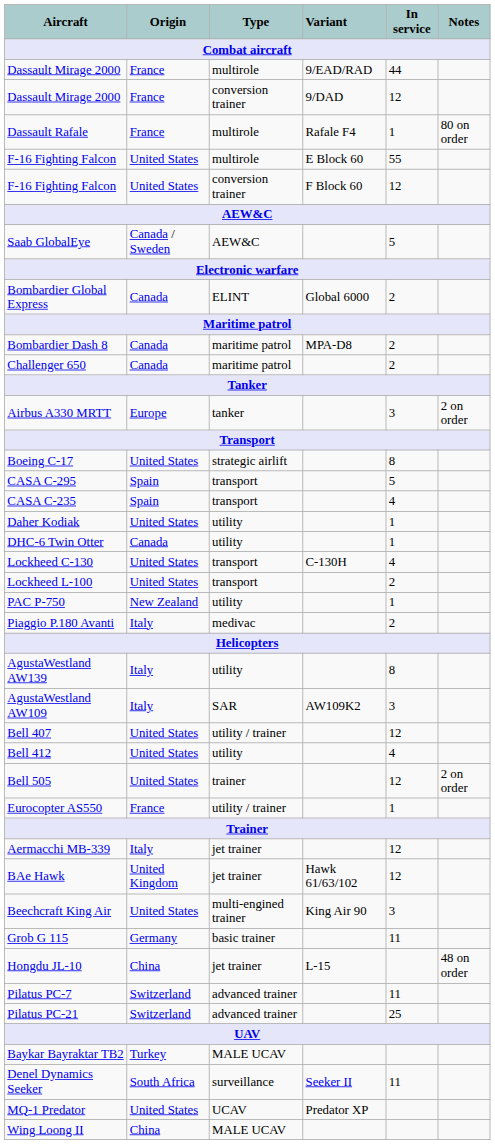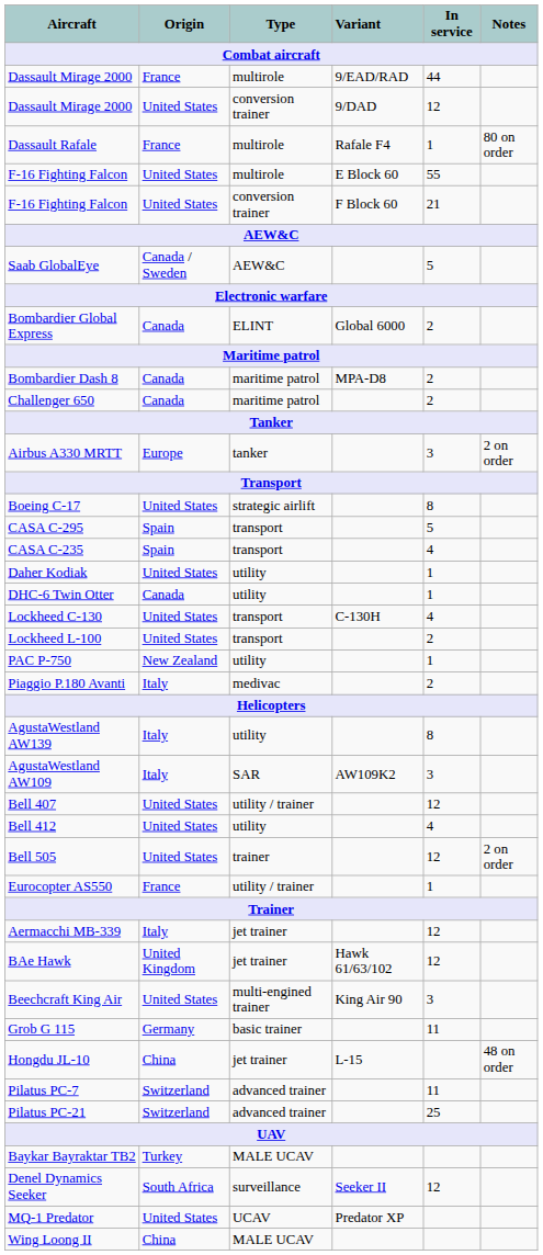 <table class="wikitable">
 <tr>
 <th style="text-align:center; background:#acc;">Aircraft</th>
 <th style="text-align: center; background:#acc;">Origin</th>
 <th style="text-align:l center; background:#acc;">Type</th>
 <th style="text-align:left; background:#acc;">Variant</th>
 <th style="text-align:center; background:#acc;">In service</th>
 <th style="text-align: center; background:#acc;">Notes</th>
 </tr>
 <tr>
 <th colspan="6" style="align: center; background: lavender;"><a href='#'>Combat aircraft</a></th>
 </tr>
 <tr>
 <td><a href='#'>Dassault Mirage 2000</a></td>
 <td><a href='#'>France</a></td>
 <td>multirole</td>
 <td>9/EAD/RAD</td>
 <td>44</td>
 <td></td>
 </tr>
 <tr>
 <td><a href='#'>Dassault Mirage 2000</a></td>
-<td><a href='#'>France</a></td>
+<td><a href='#'>United States</a></td>
 <td>conversion trainer</td>
 <td>9/DAD</td>
 <td>12</td>
 <td></td>
 </tr>
 <tr>
 <td><a href='#'>Dassault Rafale</a></td>
 <td><a href='#'>France</a></td>
 <td>multirole</td>
 <td>Rafale F4</td>
 <td>1</td>
 <td>80 on order</td>
 </tr>
 <tr>
 <td><a href='#'>F-16 Fighting Falcon</a></td>
 <td><a href='#'>United States</a></td>
 <td>multirole</td>
 <td>E Block 60</td>
 <td>55</td>
 <td></td>
 </tr>
 <tr>
 <td><a href='#'>F-16 Fighting Falcon</a></td>
 <td><a href='#'>United States</a></td>
 <td>conversion trainer</td>
 <td>F Block 60</td>
-<td>12</td>
+<td>21</td>
 <td></td>
 </tr>
 <tr>
 <th colspan="6" style="align: center; background: lavender;"><a href='#'>AEW&C</a></th>
 </tr>
 <tr>
 <td><a href='#'>Saab GlobalEye</a></td>
 <td><a href='#'>Canada</a> / <a href='#'>Sweden</a></td>
 <td>AEW&C</td>
 <td></td>
 <td>5</td>
 <td></td>
 </tr>
 <tr>
 <th colspan="6" style="align: center; background: lavender;"><a href='#'>Electronic warfare</a></th>
 </tr>
 <tr>
 <td><a href='#'>Bombardier Global Express</a></td>
 <td><a href='#'>Canada</a></td>
 <td>ELINT</td>
 <td>Global 6000</td>
 <td>2</td>
 <td></td>
 </tr>
 <tr>
 <th colspan="6" style="align: center; background: lavender;"><a href='#'>Maritime patrol</a></th>
 </tr>
 <tr>
 <td><a href='#'>Bombardier Dash 8</a></td>
 <td><a href='#'>Canada</a></td>
 <td>maritime patrol</td>
 <td>MPA-D8</td>
 <td>2</td>
 <td></td>
 </tr>
 <tr>
 <td><a href='#'>Challenger 650</a></td>
 <td><a href='#'>Canada</a></td>
 <td>maritime patrol</td>
 <td></td>
 <td>2</td>
 <td></td>
 </tr>
 <tr>
 <th colspan="7" style="align: center; background: lavender;"><a href='#'>Tanker</a></th>
 </tr>
 <tr>
 <td><a href='#'>Airbus A330 MRTT</a></td>
 <td><a href='#'>Europe</a></td>
 <td>tanker</td>
 <td></td>
 <td>3</td>
 <td>2 on order</td>
 </tr>
 <tr>
 <th colspan="7" style="align: center; background: lavender;"><a href='#'>Transport</a></th>
 </tr>
 <tr>
 <td><a href='#'>Boeing C-17</a></td>
 <td><a href='#'>United States</a></td>
 <td>strategic airlift</td>
 <td></td>
 <td>8</td>
 <td></td>
 </tr>
 <tr>
 <td><a href='#'>CASA C-295</a></td>
 <td><a href='#'>Spain</a></td>
 <td>transport</td>
 <td></td>
 <td>5</td>
 <td></td>
 </tr>
 <tr>
 <td><a href='#'>CASA C-235</a></td>
 <td><a href='#'>Spain</a></td>
 <td>transport</td>
 <td></td>
 <td>4</td>
 <td></td>
 </tr>
 <tr>
 <td><a href='#'>Daher Kodiak</a></td>
 <td><a href='#'>United States</a></td>
 <td>utility</td>
 <td></td>
 <td>1</td>
 <td></td>
 </tr>
 <tr>
 <td><a href='#'>DHC-6 Twin Otter</a></td>
 <td><a href='#'>Canada</a></td>
 <td>utility</td>
 <td></td>
 <td>1</td>
 <td></td>
 </tr>
 <tr>
 <td><a href='#'>Lockheed C-130</a></td>
 <td><a href='#'>United States</a></td>
 <td>transport</td>
 <td>C-130H</td>
 <td>4</td>
 <td></td>
 </tr>
 <tr>
 <td><a href='#'>Lockheed L-100</a></td>
 <td><a href='#'>United States</a></td>
 <td>transport</td>
 <td></td>
 <td>2</td>
 <td></td>
 </tr>
 <tr>
 <td><a href='#'>PAC P-750</a></td>
 <td><a href='#'>New Zealand</a></td>
 <td>utility</td>
 <td></td>
 <td>1</td>
 <td></td>
 </tr>
 <tr>
 <td><a href='#'>Piaggio P.180 Avanti</a></td>
 <td><a href='#'>Italy</a></td>
 <td>medivac</td>
 <td></td>
 <td>2</td>
 <td></td>
 </tr>
 <tr>
 <th colspan="7" style="align: center; background: lavender;"><a href='#'>Helicopters</a></th>
 </tr>
 <tr>
 <td><a href='#'>AgustaWestland AW139</a></td>
 <td><a href='#'>Italy</a></td>
 <td>utility</td>
 <td></td>
 <td>8</td>
 <td></td>
 </tr>
 <tr>
 <td><a href='#'>AgustaWestland AW109</a></td>
 <td><a href='#'>Italy</a></td>
 <td>SAR</td>
 <td>AW109K2</td>
 <td>3</td>
 <td></td>
 </tr>
 <tr>
 <td><a href='#'>Bell 407</a></td>
 <td><a href='#'>United States</a></td>
 <td>utility / trainer</td>
 <td></td>
 <td>12</td>
 <td></td>
 </tr>
 <tr>
 <td><a href='#'>Bell 412</a></td>
 <td><a href='#'>United States</a></td>
 <td>utility</td>
 <td></td>
 <td>4</td>
 <td></td>
 </tr>
 <tr>
 <td><a href='#'>Bell 505</a></td>
 <td><a href='#'>United States</a></td>
 <td>trainer</td>
 <td></td>
 <td>12</td>
 <td>2 on order</td>
 </tr>
 <tr>
 <td><a href='#'>Eurocopter AS550</a></td>
 <td><a href='#'>France</a></td>
 <td>utility / trainer</td>
 <td></td>
 <td>1</td>
 <td></td>
 </tr>
 <tr>
 <th colspan="7" style="align: center; background: lavender;"><a href='#'>Trainer</a></th>
 </tr>
 <tr>
 <td><a href='#'>Aermacchi MB-339</a></td>
 <td><a href='#'>Italy</a></td>
 <td>jet trainer</td>
 <td></td>
 <td>12</td>
 <td></td>
 </tr>
 <tr>
 <td><a href='#'>BAe Hawk</a></td>
 <td><a href='#'>United Kingdom</a></td>
 <td>jet trainer</td>
 <td>Hawk 61/63/102</td>
 <td>12</td>
 <td></td>
 </tr>
 <tr>
 <td><a href='#'>Beechcraft King Air</a></td>
 <td><a href='#'>United States</a></td>
 <td>multi-engined trainer</td>
 <td>King Air 90</td>
 <td>3</td>
 <td></td>
 </tr>
 <tr>
 <td><a href='#'>Grob G 115</a></td>
 <td><a href='#'>Germany</a></td>
 <td>basic trainer</td>
 <td></td>
 <td>11</td>
 <td></td>
 </tr>
 <tr>
 <td><a href='#'>Hongdu JL-10</a></td>
 <td><a href='#'>China</a></td>
 <td>jet trainer</td>
 <td>L-15</td>
 <td></td>
 <td>48 on order</td>
 </tr>
 <tr>
 <td><a href='#'>Pilatus PC-7</a></td>
 <td><a href='#'>Switzerland</a></td>
 <td>advanced trainer</td>
 <td></td>
 <td>11</td>
 <td></td>
 </tr>
 <tr>
 <td><a href='#'>Pilatus PC-21</a></td>
 <td><a href='#'>Switzerland</a></td>
 <td>advanced trainer</td>
 <td></td>
 <td>25</td>
 <td></td>
 </tr>
 <tr>
 <th colspan="7" style="align: center; background: lavender;"><a href='#'>UAV</a></th>
 </tr>
 <tr>
 <td><a href='#'>Baykar Bayraktar TB2</a></td>
 <td><a href='#'>Turkey</a></td>
 <td>MALE UCAV</td>
 <td></td>
 <td></td>
 <td></td>
 </tr>
 <tr>
 <td><a href='#'>Denel Dynamics Seeker</a></td>
 <td><a href='#'>South Africa</a></td>
 <td>surveillance</td>
 <td><a href='#'>Seeker II</a></td>
-<td>11</td>
+<td>12</td>
 <td></td>
 </tr>
 <tr>
 <td><a href='#'>MQ-1 Predator</a></td>
 <td><a href='#'>United States</a></td>
 <td>UCAV</td>
 <td>Predator XP</td>
 <td></td>
 <td></td>
 </tr>
 <tr>
 <td><a href='#'>Wing Loong II</a></td>
 <td><a href='#'>China</a></td>
 <td>MALE UCAV</td>
 <td></td>
 <td></td>
 <td></td>
 </tr>
 </table>
